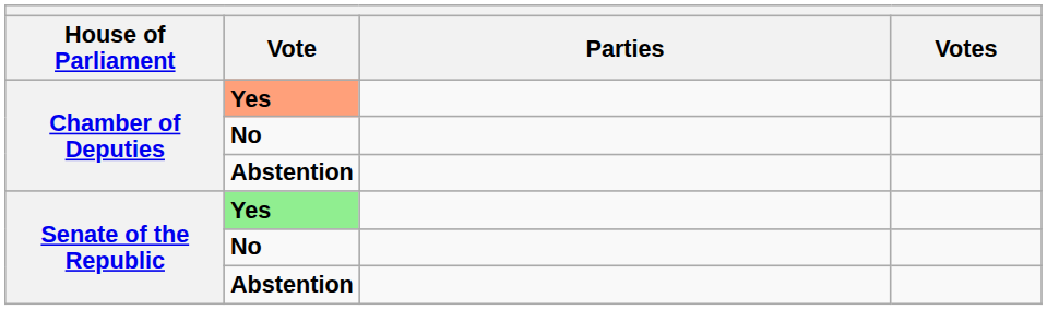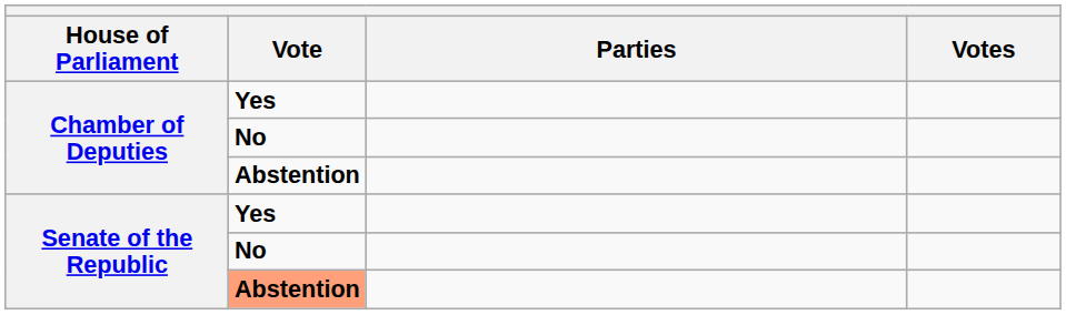 <table class="wikitable" style="font-size:85%;">
 <tr>
 <th colspan="4"></th>
 </tr>
 <tr>
 <th width="120">House of <a href='#'>Parliament</a></th>
 <th width="60">Vote</th>
 <th width="300">Parties</th>
 <th width="80" align="center">Votes</th>
 </tr>
 <tr>
 <th rowspan="3"><a href='#'>Chamber of Deputies</a><br></th>
-<td style="background: lightsalmon;"> <strong>Yes</strong></td>
+<td> <strong>Yes</strong></td>
 <td></td>
 <td></td>
 </tr>
 <tr>
 <td> <strong>No</strong></td>
 <td></td>
 <td></td>
 </tr>
 <tr>
 <td><strong>Abstention</strong></td>
 <td></td>
 <td></td>
 </tr>
 <tr>
 <th rowspan="3"><a href='#'>Senate of the Republic</a><br></th>
-<td style="background: lightgreen;"> <strong>Yes</strong></td>
+<td> <strong>Yes</strong></td>
 <td></td>
 <td></td>
 </tr>
 <tr>
 <td> <strong>No</strong></td>
 <td></td>
 <td></td>
 </tr>
 <tr>
-<td><strong>Abstention</strong></td>
+<td style="background: lightsalmon;"><strong>Abstention</strong></td>
 <td></td>
 <td></td>
 </tr>
 </table>
